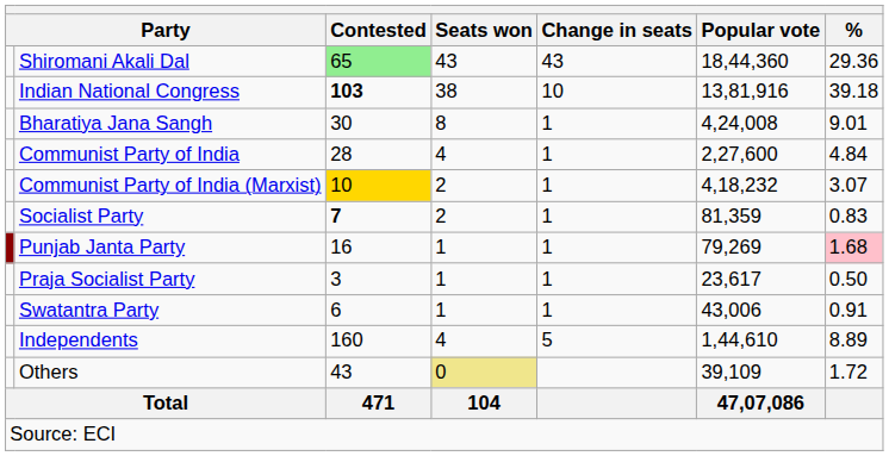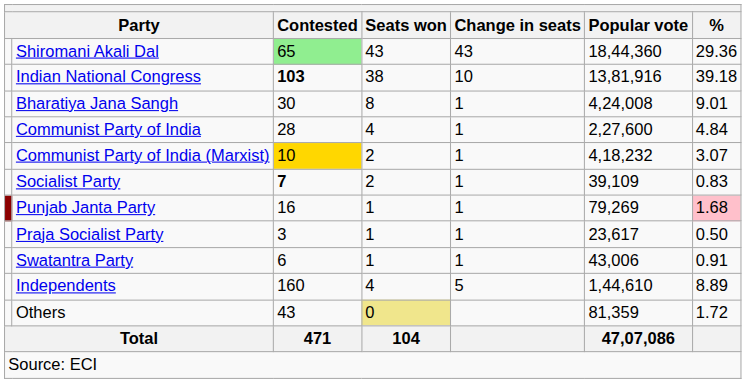 <table class="wikitable sortable">
 <tr>
 <th colspan=10></th>
 </tr>
 <tr>
 <th colspan=2>Party</th>
 <th>Contested</th>
 <th>Seats won</th>
 <th>Change in seats</th>
 <th>Popular vote</th>
 <th>%</th>
 </tr>
 <tr>
 <td></td>
 <td align=left><a href='#'>Shiromani Akali Dal</a></td>
 <td style="background: lightgreen;">65</td>
 <td>43</td>
 <td> 43</td>
 <td>18,44,360</td>
 <td>29.36</td>
 </tr>
 <tr>
 <td></td>
 <td align=left><a href='#'>Indian National Congress</a></td>
 <td><strong>103</strong></td>
 <td>38</td>
 <td> 10</td>
 <td>13,81,916</td>
 <td>39.18</td>
 </tr>
 <tr>
 <td></td>
 <td align=left><a href='#'>Bharatiya Jana Sangh</a></td>
 <td>30</td>
 <td>8</td>
 <td> 1</td>
 <td>4,24,008</td>
 <td>9.01</td>
 </tr>
 <tr>
 <td></td>
 <td align=left><a href='#'>Communist Party of India</a></td>
 <td>28</td>
 <td>4</td>
 <td> 1</td>
 <td>2,27,600</td>
 <td>4.84</td>
 </tr>
 <tr>
 <td></td>
 <td align=left><a href='#'>Communist Party of India (Marxist)</a></td>
 <td style="background: gold;">10</td>
 <td>2</td>
 <td> 1</td>
 <td>4,18,232</td>
 <td>3.07</td>
 </tr>
 <tr>
 <td></td>
 <td align=left><a href='#'>Socialist Party</a></td>
 <td><strong>7</strong></td>
 <td>2</td>
 <td> 1</td>
-<td>81,359</td>
+<td>39,109</td>
 <td>0.83</td>
 </tr>
 <tr>
 <td bgcolor="darkred"></td>
 <td align=left><a href='#'>Punjab Janta Party</a></td>
 <td>16</td>
 <td>1</td>
 <td> 1</td>
 <td>79,269</td>
 <td style="background: pink;">1.68</td>
 </tr>
 <tr>
 <td></td>
 <td align=left><a href='#'>Praja Socialist Party</a></td>
 <td>3</td>
 <td>1</td>
 <td> 1</td>
 <td>23,617</td>
 <td>0.50</td>
 </tr>
 <tr>
 <td></td>
 <td align=left><a href='#'>Swatantra Party</a></td>
 <td>6</td>
 <td>1</td>
 <td> 1</td>
 <td>43,006</td>
 <td>0.91</td>
 </tr>
 <tr>
 <td></td>
 <td align=left><a href='#'>Independents</a></td>
 <td>160</td>
 <td>4</td>
 <td> 5</td>
 <td>1,44,610</td>
 <td>8.89</td>
 </tr>
 <tr>
 <td></td>
 <td>Others</td>
 <td>43</td>
 <td style="background: khaki;">0</td>
 <td></td>
-<td>39,109</td>
+<td>81,359</td>
 <td>1.72</td>
 </tr>
 <tr>
 <th colspan=2 align=left>Total</th>
 <th>471</th>
 <th>104</th>
 <th></th>
 <th>47,07,086</th>
 <th></th>
 </tr>
 <tr>
 <td colspan=7>Source: ECI</td>
 </tr>
 </table>
